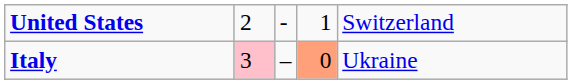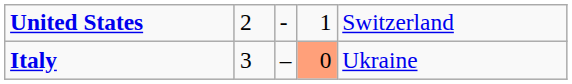 <table class="wikitable">
 <tr>
 <td width=150> <strong><a href='#'>United States</a></strong></td>
 <td style="width:20px; text-align:left;">2</td>
 <td>-</td>
 <td style="width:20px; text-align:right;">1</td>
 <td width=150> <a href='#'>Switzerland</a></td>
 </tr>
 <tr>
 <td> <strong><a href='#'>Italy</a></strong></td>
-<td style="background: pink; text-align:left;">3</td>
+<td style="text-align:left;">3</td>
 <td>–</td>
 <td style="background: lightsalmon; text-align:right;">0</td>
 <td> <a href='#'>Ukraine</a></td>
 </tr>
 </table>
